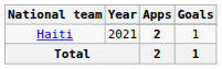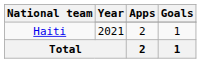 <table class="wikitable" style="text-align:center">
 <tr>
 <th>National team</th>
 <th>Year</th>
 <th>Apps</th>
 <th>Goals</th>
 </tr>
 <tr>
 <td rowspan=2><a href='#'>Haiti</a></td>
 </tr>
 <tr>
 <td>2021</td>
-<td><strong>2</strong></td>
+<td>2</td>
 <td>1</td>
 </tr>
 <tr>
 <th colspan="2">Total</th>
 <th>2</th>
 <th>1</th>
 </tr>
 </table>
